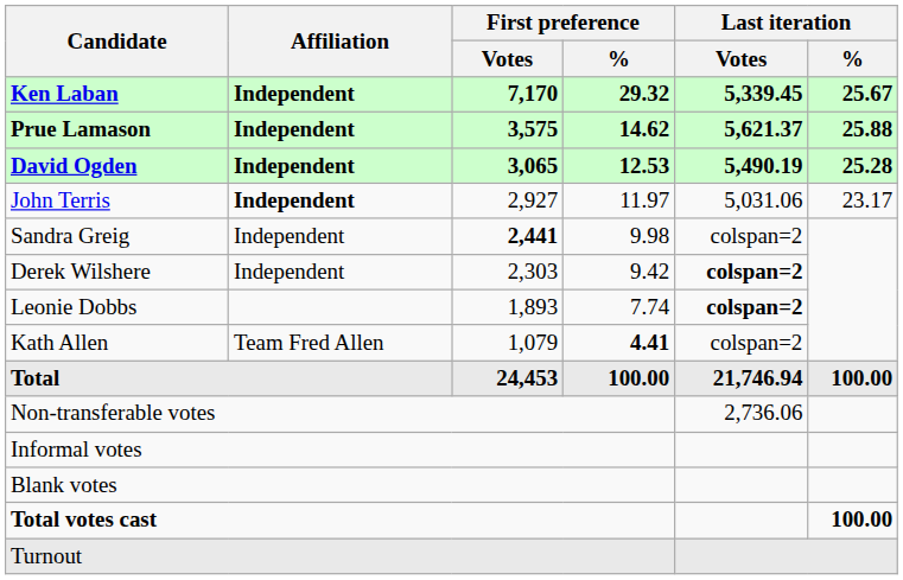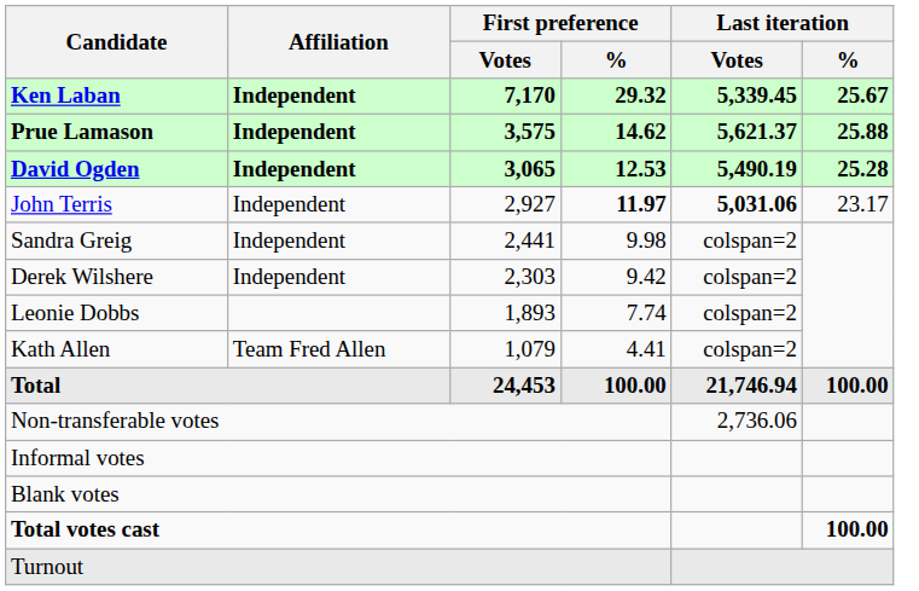 <table class="wikitable">
 <tr style="background:#e9e9e9;">
 <th rowspan="2" style="width:20%;">Candidate</th>
 <th rowspan="2" style="width:20%;">Affiliation</th>
 <th colspan="2" style="width:20%;">First preference</th>
 <th colspan="2" style="width:20%;">Last iteration</th>
 </tr>
 <tr style="background:#e9e9e9;">
 <th>Votes</th>
 <th>%</th>
 <th>Votes</th>
 <th>%</th>
 </tr>
 <tr style="text-align:right;background:#cfc;">
 <td style="text-align:left;"><strong><a href='#'>Ken Laban</a></strong></td>
 <td style="text-align:left;"><strong>Independent</strong></td>
 <td><strong>7,170</strong></td>
 <td><strong>29.32</strong></td>
 <td><strong>5,339.45</strong></td>
 <td><strong>25.67</strong></td>
 </tr>
 <tr style="text-align:right;background:#cfc;">
 <td style="text-align:left;"><strong>Prue Lamason</strong></td>
 <td style="text-align:left;"><strong>Independent</strong></td>
 <td><strong>3,575</strong></td>
 <td><strong>14.62</strong></td>
 <td><strong>5,621.37</strong></td>
 <td><strong>25.88</strong></td>
 </tr>
 <tr style="text-align:right;background:#cfc;">
 <td style="text-align:left;"><strong><a href='#'>David Ogden</a></strong></td>
 <td style="text-align:left;"><strong>Independent</strong></td>
 <td><strong>3,065</strong></td>
 <td><strong>12.53</strong></td>
 <td><strong>5,490.19</strong></td>
 <td><strong>25.28</strong></td>
 </tr>
 <tr style="text-align:right;">
 <td style="text-align:left;"><a href='#'>John Terris</a></td>
-<td style="text-align:left;"><strong>Independent</strong></td>
+<td style="text-align:left;">Independent</td>
 <td>2,927</td>
-<td>11.97</td>
-<td>5,031.06</td>
+<td><strong>11.97</strong></td>
+<td><strong>5,031.06</strong></td>
 <td>23.17</td>
 </tr>
 <tr style="text-align:right;">
 <td style="text-align:left;">Sandra Greig</td>
 <td style="text-align:left;">Independent</td>
-<td><strong>2,441</strong></td>
+<td>2,441</td>
 <td>9.98</td>
 <td>colspan=2 </td>
 </tr>
 <tr style="text-align:right;">
 <td style="text-align:left;">Derek Wilshere</td>
 <td style="text-align:left;">Independent</td>
 <td>2,303</td>
 <td>9.42</td>
-<td><strong>colspan=2 </strong></td>
+<td>colspan=2 </td>
 </tr>
 <tr style="text-align:right;">
 <td style="text-align:left;">Leonie Dobbs</td>
 <td style="text-align:left;"></td>
 <td>1,893</td>
 <td>7.74</td>
-<td><strong>colspan=2 </strong></td>
+<td>colspan=2 </td>
 </tr>
 <tr style="text-align:right;">
 <td style="text-align:left;">Kath Allen</td>
 <td style="text-align:left;">Team Fred Allen</td>
 <td>1,079</td>
-<td><strong>4.41</strong></td>
+<td>4.41</td>
 <td>colspan=2 </td>
 </tr>
 <tr style="background:#e9e9e9;text-align:right;">
 <td colspan=2 style="text-align:left;"><strong>Total</strong></td>
 <td><strong>24,453</strong></td>
 <td><strong>100.00</strong></td>
 <td><strong>21,746.94</strong></td>
 <td><strong>100.00</strong></td>
 </tr>
 <tr style="text-align:right;">
 <td colspan=4 style="text-align:left;">Non-transferable votes</td>
 <td>2,736.06</td>
 <td></td>
 </tr>
 <tr style="text-align:right;">
 <td colspan=4 style="text-align:left;">Informal votes</td>
 <td></td>
 <td></td>
 </tr>
 <tr style="text-align:right;">
 <td colspan=4 style="text-align:left;">Blank votes</td>
 <td></td>
 <td></td>
 </tr>
 <tr style="text-align:right;">
 <td colspan=4 style="text-align:left;"><strong>Total votes cast</strong></td>
 <td></td>
 <td><strong>100.00</strong></td>
 </tr>
 <tr style="background:#e9e9e9;text-align:right;">
 <td colspan=4 style="text-align:left;">Turnout</td>
 <td colspan=2></td>
 </tr>
 </table>
